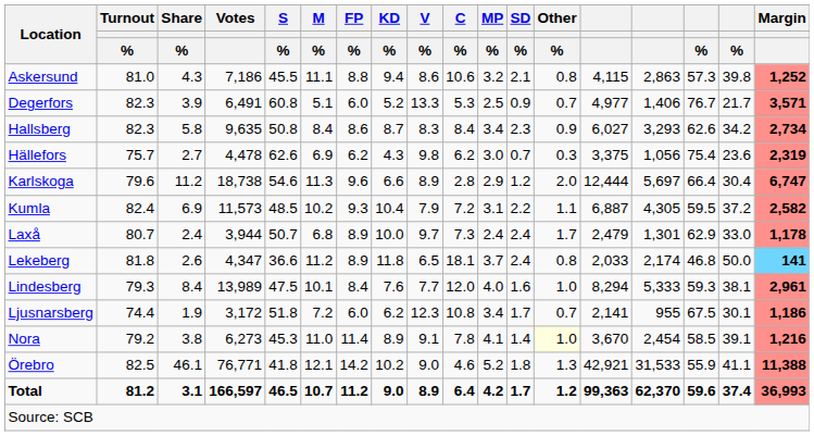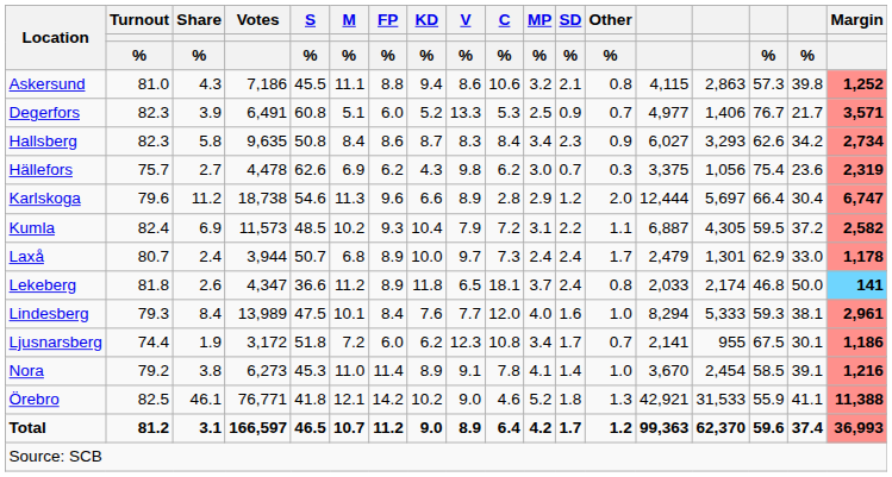 <table class="wikitable sortable" style="text-align:right; font-size:95%; line-height:20px;">
 <tr>
 <th rowspan="3">Location</th>
 <th>Turnout</th>
 <th>Share</th>
 <th>Votes</th>
 <th width="30px" class="unsortable"><a href='#'>S</a></th>
 <th width="30px" class="unsortable"><a href='#'>M</a></th>
 <th width="30px" class="unsortable"><a href='#'>FP</a></th>
 <th width="30px" class="unsortable"><a href='#'>KD</a></th>
 <th width="30px" class="unsortable"><a href='#'>V</a></th>
 <th width="30px" class="unsortable"><a href='#'>C</a></th>
 <th width="30px" class="unsortable"><a href='#'>MP</a></th>
 <th width="30px" class="unsortable"><a href='#'>SD</a></th>
 <th width="30px" class="unsortable">Other</th>
 <th></th>
 <th></th>
 <th></th>
 <th></th>
 <th>Margin</th>
 </tr>
 <tr>
 <th></th>
 <th></th>
 <th></th>
 <th style="background:"></th>
 <th style="background:"></th>
 <th style="background:"></th>
 <th style="background:"></th>
 <th style="background:"></th>
 <th style="background:"></th>
 <th style="background:"></th>
 <th style="background:"></th>
 <th style="background:"></th>
 <th style="background:"></th>
 <th style="background:"></th>
 <th style="background:"></th>
 <th style="background:"></th>
 <th></th>
 </tr>
 <tr>
 <th data-sort-type="number">%</th>
 <th data-sort-type="number">%</th>
 <th></th>
 <th data-sort-type="number">%</th>
 <th data-sort-type="number">%</th>
 <th data-sort-type="number">%</th>
 <th data-sort-type="number">%</th>
 <th data-sort-type="number">%</th>
 <th data-sort-type="number">%</th>
 <th data-sort-type="number">%</th>
 <th data-sort-type="number">%</th>
 <th data-sort-type="number">%</th>
 <th data-sort-type="number"></th>
 <th data-sort-type="number"></th>
 <th data-sort-type="number">%</th>
 <th data-sort-type="number">%</th>
 <th data-sort-type="number"></th>
 </tr>
 <tr>
 <td align=left><a href='#'>Askersund</a></td>
 <td>81.0</td>
 <td>4.3</td>
 <td>7,186</td>
 <td>45.5</td>
 <td>11.1</td>
 <td>8.8</td>
 <td>9.4</td>
 <td>8.6</td>
 <td>10.6</td>
 <td>3.2</td>
 <td>2.1</td>
 <td>0.8</td>
 <td>4,115</td>
 <td>2,863</td>
 <td>57.3</td>
 <td>39.8</td>
 <td bgcolor=#ff908c><strong>1,252</strong></td>
 </tr>
 <tr>
 <td align=left><a href='#'>Degerfors</a></td>
 <td>82.3</td>
 <td>3.9</td>
 <td>6,491</td>
 <td>60.8</td>
 <td>5.1</td>
 <td>6.0</td>
 <td>5.2</td>
 <td>13.3</td>
 <td>5.3</td>
 <td>2.5</td>
 <td>0.9</td>
 <td>0.7</td>
 <td>4,977</td>
 <td>1,406</td>
 <td>76.7</td>
 <td>21.7</td>
 <td bgcolor=#ff908c><strong>3,571</strong></td>
 </tr>
 <tr>
 <td align=left><a href='#'>Hallsberg</a></td>
 <td>82.3</td>
 <td>5.8</td>
 <td>9,635</td>
 <td>50.8</td>
 <td>8.4</td>
 <td>8.6</td>
 <td>8.7</td>
 <td>8.3</td>
 <td>8.4</td>
 <td>3.4</td>
 <td>2.3</td>
 <td>0.9</td>
 <td>6,027</td>
 <td>3,293</td>
 <td>62.6</td>
 <td>34.2</td>
 <td bgcolor=#ff908c><strong>2,734</strong></td>
 </tr>
 <tr>
 <td align=left><a href='#'>Hällefors</a></td>
 <td>75.7</td>
 <td>2.7</td>
 <td>4,478</td>
 <td>62.6</td>
 <td>6.9</td>
 <td>6.2</td>
 <td>4.3</td>
 <td>9.8</td>
 <td>6.2</td>
 <td>3.0</td>
 <td>0.7</td>
 <td>0.3</td>
 <td>3,375</td>
 <td>1,056</td>
 <td>75.4</td>
 <td>23.6</td>
 <td bgcolor=#ff908c><strong>2,319</strong></td>
 </tr>
 <tr>
 <td align=left><a href='#'>Karlskoga</a></td>
 <td>79.6</td>
 <td>11.2</td>
 <td>18,738</td>
 <td>54.6</td>
 <td>11.3</td>
 <td>9.6</td>
 <td>6.6</td>
 <td>8.9</td>
 <td>2.8</td>
 <td>2.9</td>
 <td>1.2</td>
 <td>2.0</td>
 <td>12,444</td>
 <td>5,697</td>
 <td>66.4</td>
 <td>30.4</td>
 <td bgcolor=#ff908c><strong>6,747</strong></td>
 </tr>
 <tr>
 <td align=left><a href='#'>Kumla</a></td>
 <td>82.4</td>
 <td>6.9</td>
 <td>11,573</td>
 <td>48.5</td>
 <td>10.2</td>
 <td>9.3</td>
 <td>10.4</td>
 <td>7.9</td>
 <td>7.2</td>
 <td>3.1</td>
 <td>2.2</td>
 <td>1.1</td>
 <td>6,887</td>
 <td>4,305</td>
 <td>59.5</td>
 <td>37.2</td>
 <td bgcolor=#ff908c><strong>2,582</strong></td>
 </tr>
 <tr>
 <td align=left><a href='#'>Laxå</a></td>
 <td>80.7</td>
 <td>2.4</td>
 <td>3,944</td>
 <td>50.7</td>
 <td>6.8</td>
 <td>8.9</td>
 <td>10.0</td>
 <td>9.7</td>
 <td>7.3</td>
 <td>2.4</td>
 <td>2.4</td>
 <td>1.7</td>
 <td>2,479</td>
 <td>1,301</td>
 <td>62.9</td>
 <td>33.0</td>
 <td bgcolor=#ff908c><strong>1,178</strong></td>
 </tr>
 <tr>
 <td align=left><a href='#'>Lekeberg</a></td>
 <td>81.8</td>
 <td>2.6</td>
 <td>4,347</td>
 <td>36.6</td>
 <td>11.2</td>
 <td>8.9</td>
 <td>11.8</td>
 <td>6.5</td>
 <td>18.1</td>
 <td>3.7</td>
 <td>2.4</td>
 <td>0.8</td>
 <td>2,033</td>
 <td>2,174</td>
 <td>46.8</td>
 <td>50.0</td>
 <td bgcolor=#6fd5fe><strong>141</strong></td>
 </tr>
 <tr>
 <td align=left><a href='#'>Lindesberg</a></td>
 <td>79.3</td>
 <td>8.4</td>
 <td>13,989</td>
 <td>47.5</td>
 <td>10.1</td>
 <td>8.4</td>
 <td>7.6</td>
 <td>7.7</td>
 <td>12.0</td>
 <td>4.0</td>
 <td>1.6</td>
 <td>1.0</td>
 <td>8,294</td>
 <td>5,333</td>
 <td>59.3</td>
 <td>38.1</td>
 <td bgcolor=#ff908c><strong>2,961</strong></td>
 </tr>
 <tr>
 <td align=left><a href='#'>Ljusnarsberg</a></td>
 <td>74.4</td>
 <td>1.9</td>
 <td>3,172</td>
 <td>51.8</td>
 <td>7.2</td>
 <td>6.0</td>
 <td>6.2</td>
 <td>12.3</td>
 <td>10.8</td>
 <td>3.4</td>
 <td>1.7</td>
 <td>0.7</td>
 <td>2,141</td>
 <td>955</td>
 <td>67.5</td>
 <td>30.1</td>
 <td bgcolor=#ff908c><strong>1,186</strong></td>
 </tr>
 <tr>
 <td align=left><a href='#'>Nora</a></td>
 <td>79.2</td>
 <td>3.8</td>
 <td>6,273</td>
 <td>45.3</td>
 <td>11.0</td>
 <td>11.4</td>
 <td>8.9</td>
 <td>9.1</td>
 <td>7.8</td>
 <td>4.1</td>
 <td>1.4</td>
-<td style="background: lightyellow;">1.0</td>
+<td>1.0</td>
 <td>3,670</td>
 <td>2,454</td>
 <td>58.5</td>
 <td>39.1</td>
 <td bgcolor=#ff908c><strong>1,216</strong></td>
 </tr>
 <tr>
 <td align=left><a href='#'>Örebro</a></td>
 <td>82.5</td>
 <td>46.1</td>
 <td>76,771</td>
 <td>41.8</td>
 <td>12.1</td>
 <td>14.2</td>
 <td>10.2</td>
 <td>9.0</td>
 <td>4.6</td>
 <td>5.2</td>
 <td>1.8</td>
 <td>1.3</td>
 <td>42,921</td>
 <td>31,533</td>
 <td>55.9</td>
 <td>41.1</td>
 <td bgcolor=#ff908c><strong>11,388</strong></td>
 </tr>
 <tr>
 <td align=left><strong>Total</strong></td>
 <td><strong>81.2</strong></td>
 <td><strong>3.1</strong></td>
 <td><strong>166,597</strong></td>
 <td><strong>46.5</strong></td>
 <td><strong>10.7</strong></td>
 <td><strong>11.2</strong></td>
 <td><strong>9.0</strong></td>
 <td><strong>8.9</strong></td>
 <td><strong>6.4</strong></td>
 <td><strong>4.2</strong></td>
 <td><strong>1.7</strong></td>
 <td><strong>1.2</strong></td>
 <td><strong>99,363</strong></td>
 <td><strong>62,370</strong></td>
 <td><strong>59.6</strong></td>
 <td><strong>37.4</strong></td>
 <td bgcolor=#ff908c><strong>36,993</strong></td>
 </tr>
 <tr>
 <td align=left colspan=18>Source: SCB </td>
 </tr>
 </table>
